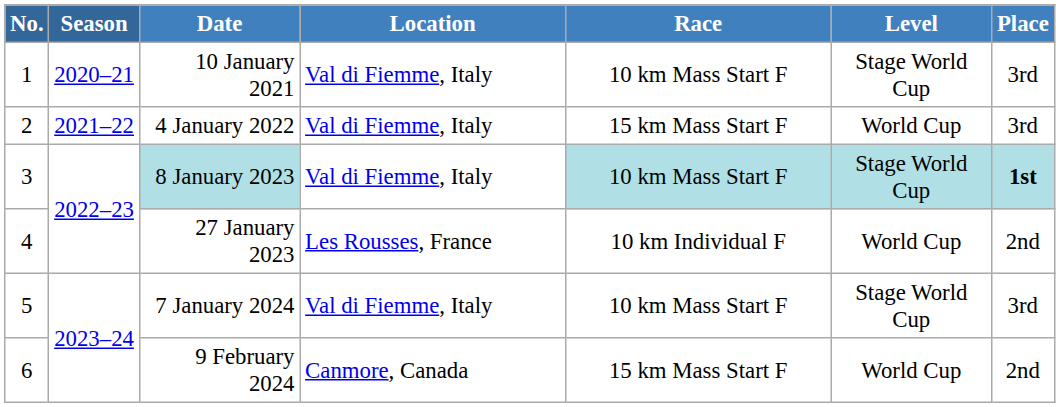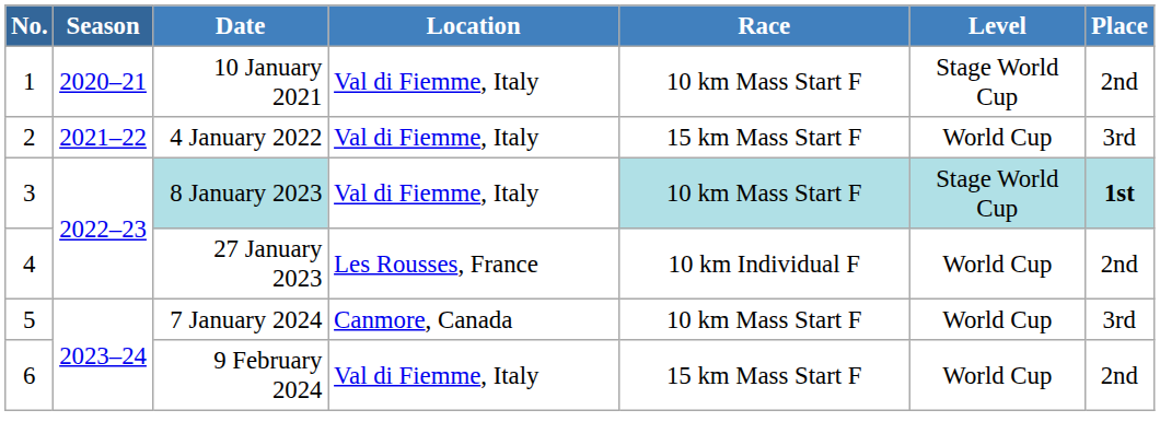 <table class="wikitable sortable" style="font-size:95%; text-align:center; border:grey solid 1px; border-collapse:collapse; background:#ffffff;">
 <tr style="background:#efefef;">
 <th style="background-color:#369; color:white;">No.</th>
 <th style="background-color:#369; color:white;">Season</th>
 <th style="background-color:#4180be; color:white; width:100px;">Date</th>
 <th style="background-color:#4180be; color:white; width:170px;">Location</th>
 <th style="background-color:#4180be; color:white; width:170px;">Race</th>
 <th style="background-color:#4180be; color:white; width:100px;">Level</th>
 <th style="background-color:#4180be; color:white;">Place</th>
 </tr>
 <tr>
 <td align=center>1</td>
 <td rowspan=1 align=center><a href='#'>2020–21</a></td>
 <td align=right>10 January 2021</td>
 <td align=left> <a href='#'>Val di Fiemme</a>, Italy</td>
 <td>10 km Mass Start F</td>
 <td>Stage World Cup</td>
-<td>3rd</td>
+<td>2nd</td>
 </tr>
 <tr>
 <td align=center>2</td>
 <td rowspan=1 align=center><a href='#'>2021–22</a></td>
 <td align=right>4 January 2022</td>
 <td align=left> <a href='#'>Val di Fiemme</a>, Italy</td>
 <td>15 km Mass Start F</td>
 <td>World Cup</td>
 <td>3rd</td>
 </tr>
 <tr>
 <td align=center>3</td>
 <td rowspan=2 align=center><a href='#'>2022–23</a></td>
 <td bgcolor="#BOEOE6" align=right>8 January 2023</td>
 <td align=left> <a href='#'>Val di Fiemme</a>, Italy</td>
 <td bgcolor="#BOEOE6">10 km  Mass Start F</td>
 <td bgcolor="#BOEOE6">Stage World Cup</td>
 <td bgcolor="#BOEOE6"><strong>1st</strong></td>
 </tr>
 <tr>
 <td align=center>4</td>
 <td align=right>27 January 2023</td>
 <td align=left> <a href='#'>Les Rousses</a>, France</td>
 <td>10 km Individual F</td>
 <td>World Cup</td>
 <td>2nd</td>
 </tr>
 <tr>
 <td align=center>5</td>
 <td rowspan=2 align=center><a href='#'>2023–24</a></td>
 <td align=right>7 January 2024</td>
-<td align=left> <a href='#'>Val di Fiemme</a>, Italy</td>
+<td align=left> <a href='#'>Canmore</a>, Canada</td>
 <td>10 km Mass Start F</td>
-<td>Stage World Cup</td>
+<td>World Cup</td>
 <td>3rd</td>
 </tr>
 <tr>
 <td align=center>6</td>
 <td align=right>9 February 2024</td>
-<td align=left> <a href='#'>Canmore</a>, Canada</td>
+<td align=left> <a href='#'>Val di Fiemme</a>, Italy</td>
 <td>15 km Mass Start F</td>
 <td>World Cup</td>
 <td>2nd</td>
 </tr>
 </table>
